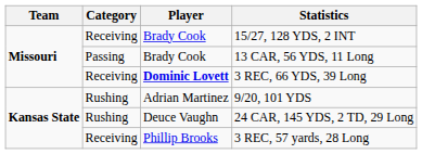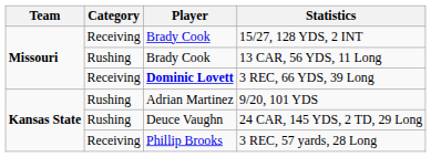 <table class="wikitable" style="float: right;">
 <tr>
 <th>Team</th>
 <th>Category</th>
 <th>Player</th>
 <th>Statistics</th>
 </tr>
 <tr>
 <td rowspan=3><strong>Missouri</strong></td>
 <td>Receiving</td>
 <td><a href='#'>Brady Cook</a></td>
 <td>15/27, 128 YDS, 2 INT</td>
 </tr>
 <tr>
-<td>Passing</td>
+<td>Rushing</td>
 <td>Brady Cook</td>
 <td>13 CAR, 56 YDS, 11 Long</td>
 </tr>
 <tr>
 <td>Receiving</td>
 <td><strong><a href='#'>Dominic Lovett</a></strong></td>
 <td>3 REC, 66 YDS, 39 Long</td>
 </tr>
 <tr>
 <td rowspan=3><strong>Kansas State</strong></td>
 <td>Rushing</td>
 <td>Adrian Martinez</td>
 <td>9/20, 101 YDS</td>
 </tr>
 <tr>
 <td>Rushing</td>
 <td>Deuce Vaughn</td>
 <td>24 CAR, 145 YDS, 2 TD, 29 Long</td>
 </tr>
 <tr>
 <td>Receiving</td>
 <td><a href='#'>Phillip Brooks</a></td>
 <td>3 REC, 57 yards, 28 Long</td>
 </tr>
 </table>
